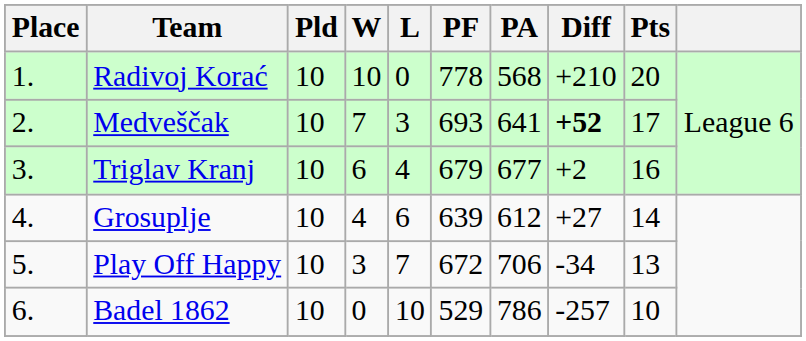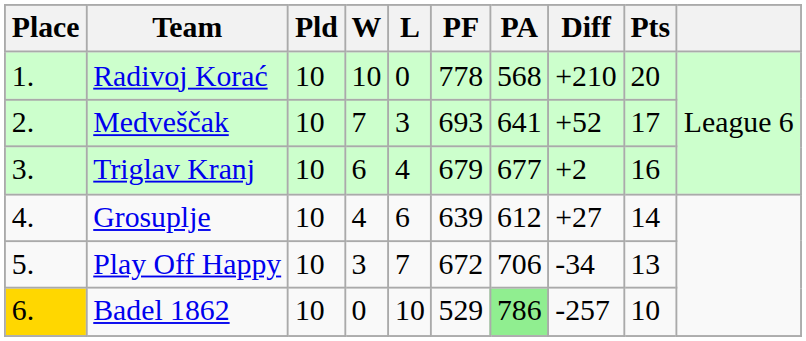 <table class="wikitable">
 <tr>
 <th>Place</th>
 <th>Team</th>
 <th>Pld</th>
 <th>W</th>
 <th>L</th>
 <th>PF</th>
 <th>PA</th>
 <th>Diff</th>
 <th>Pts</th>
 <th></th>
 </tr>
 <tr bgcolor=#ccffcc>
 <td>1.</td>
 <td> <a href='#'>Radivoj Korać</a></td>
 <td>10</td>
 <td>10</td>
 <td>0</td>
 <td>778</td>
 <td>568</td>
 <td>+210</td>
 <td>20</td>
 <td rowspan="3">League 6</td>
 </tr>
 <tr bgcolor=#ccffcc>
 <td>2.</td>
 <td> <a href='#'>Medveščak</a></td>
 <td>10</td>
 <td>7</td>
 <td>3</td>
 <td>693</td>
 <td>641</td>
-<td><strong>+52</strong></td>
+<td>+52</td>
 <td>17</td>
 </tr>
 <tr bgcolor=#ccffcc>
 <td>3.</td>
 <td> <a href='#'>Triglav Kranj</a></td>
 <td>10</td>
 <td>6</td>
 <td>4</td>
 <td>679</td>
 <td>677</td>
 <td>+2</td>
 <td>16</td>
 </tr>
 <tr>
 <td>4.</td>
 <td> <a href='#'>Grosuplje</a></td>
 <td>10</td>
 <td>4</td>
 <td>6</td>
 <td>639</td>
 <td>612</td>
 <td>+27</td>
 <td>14</td>
 <td rowspan="3"></td>
 </tr>
 <tr>
 <td>5.</td>
 <td> <a href='#'>Play Off Happy</a></td>
 <td>10</td>
 <td>3</td>
 <td>7</td>
 <td>672</td>
 <td>706</td>
 <td>-34</td>
 <td>13</td>
 </tr>
 <tr>
-<td>6.</td>
+<td style="background: gold;">6.</td>
 <td> <a href='#'>Badel 1862</a></td>
 <td>10</td>
 <td>0</td>
 <td>10</td>
 <td>529</td>
-<td>786</td>
+<td style="background: lightgreen;">786</td>
 <td>-257</td>
 <td>10</td>
 </tr>
 </table>
